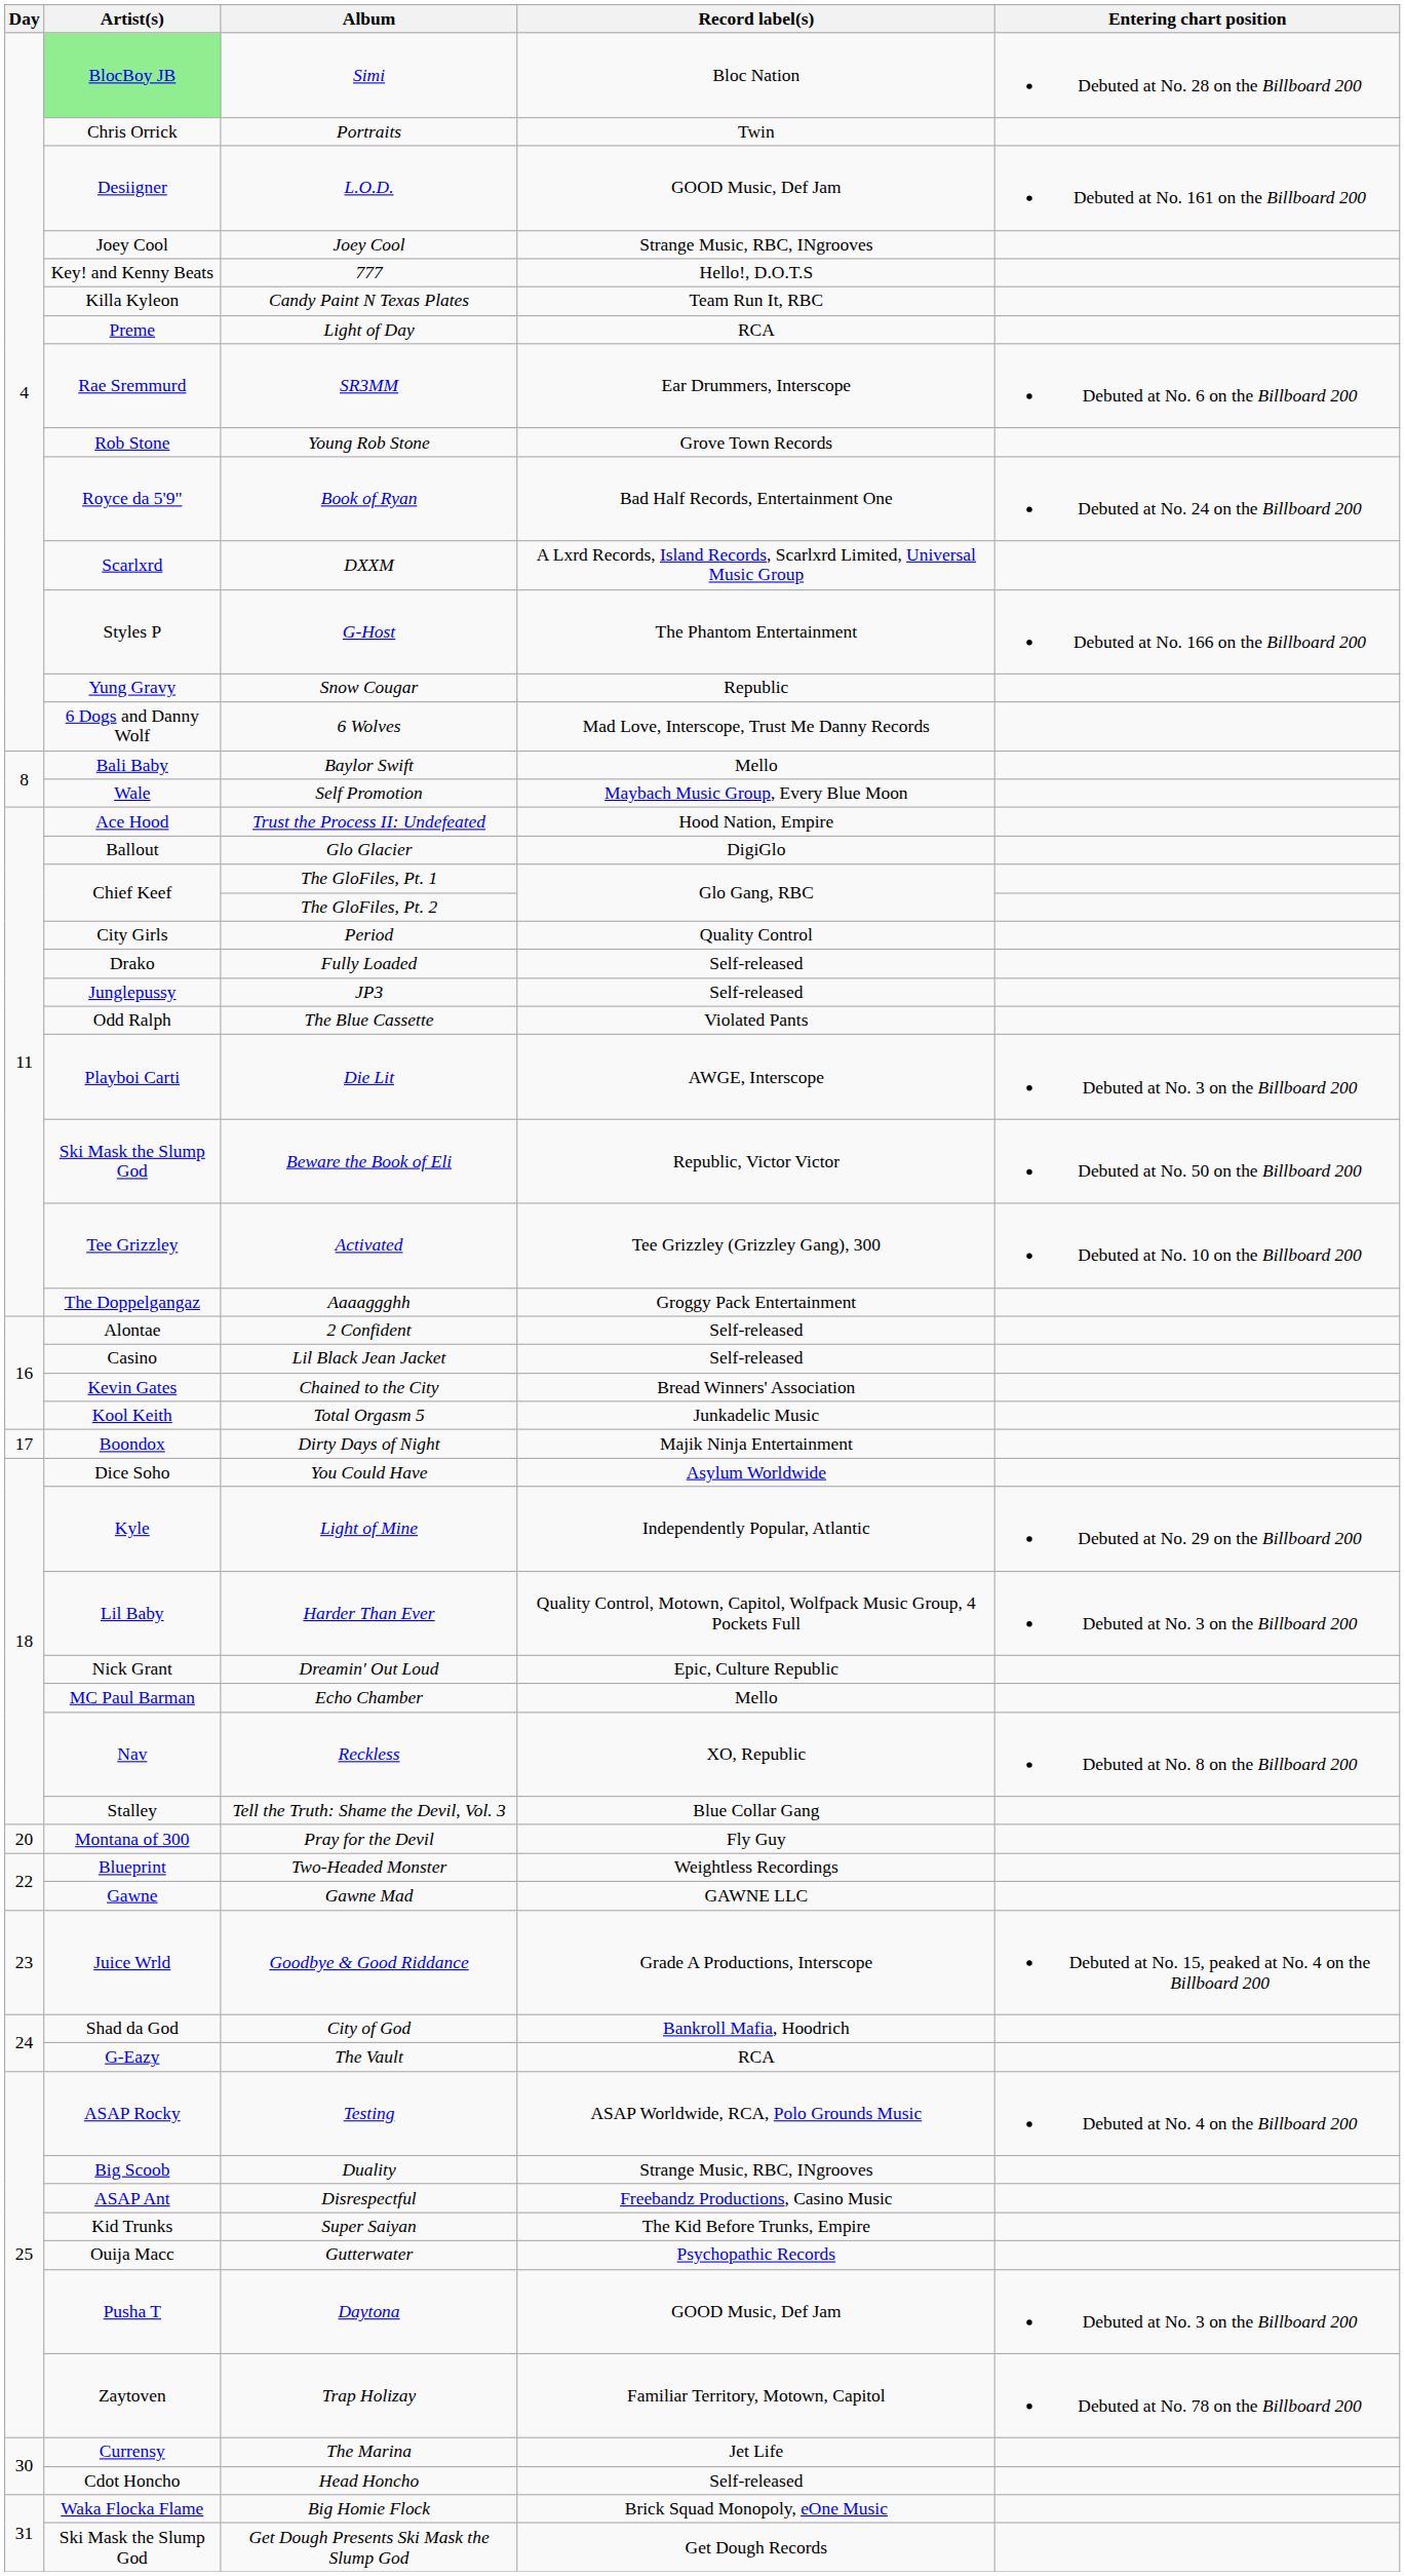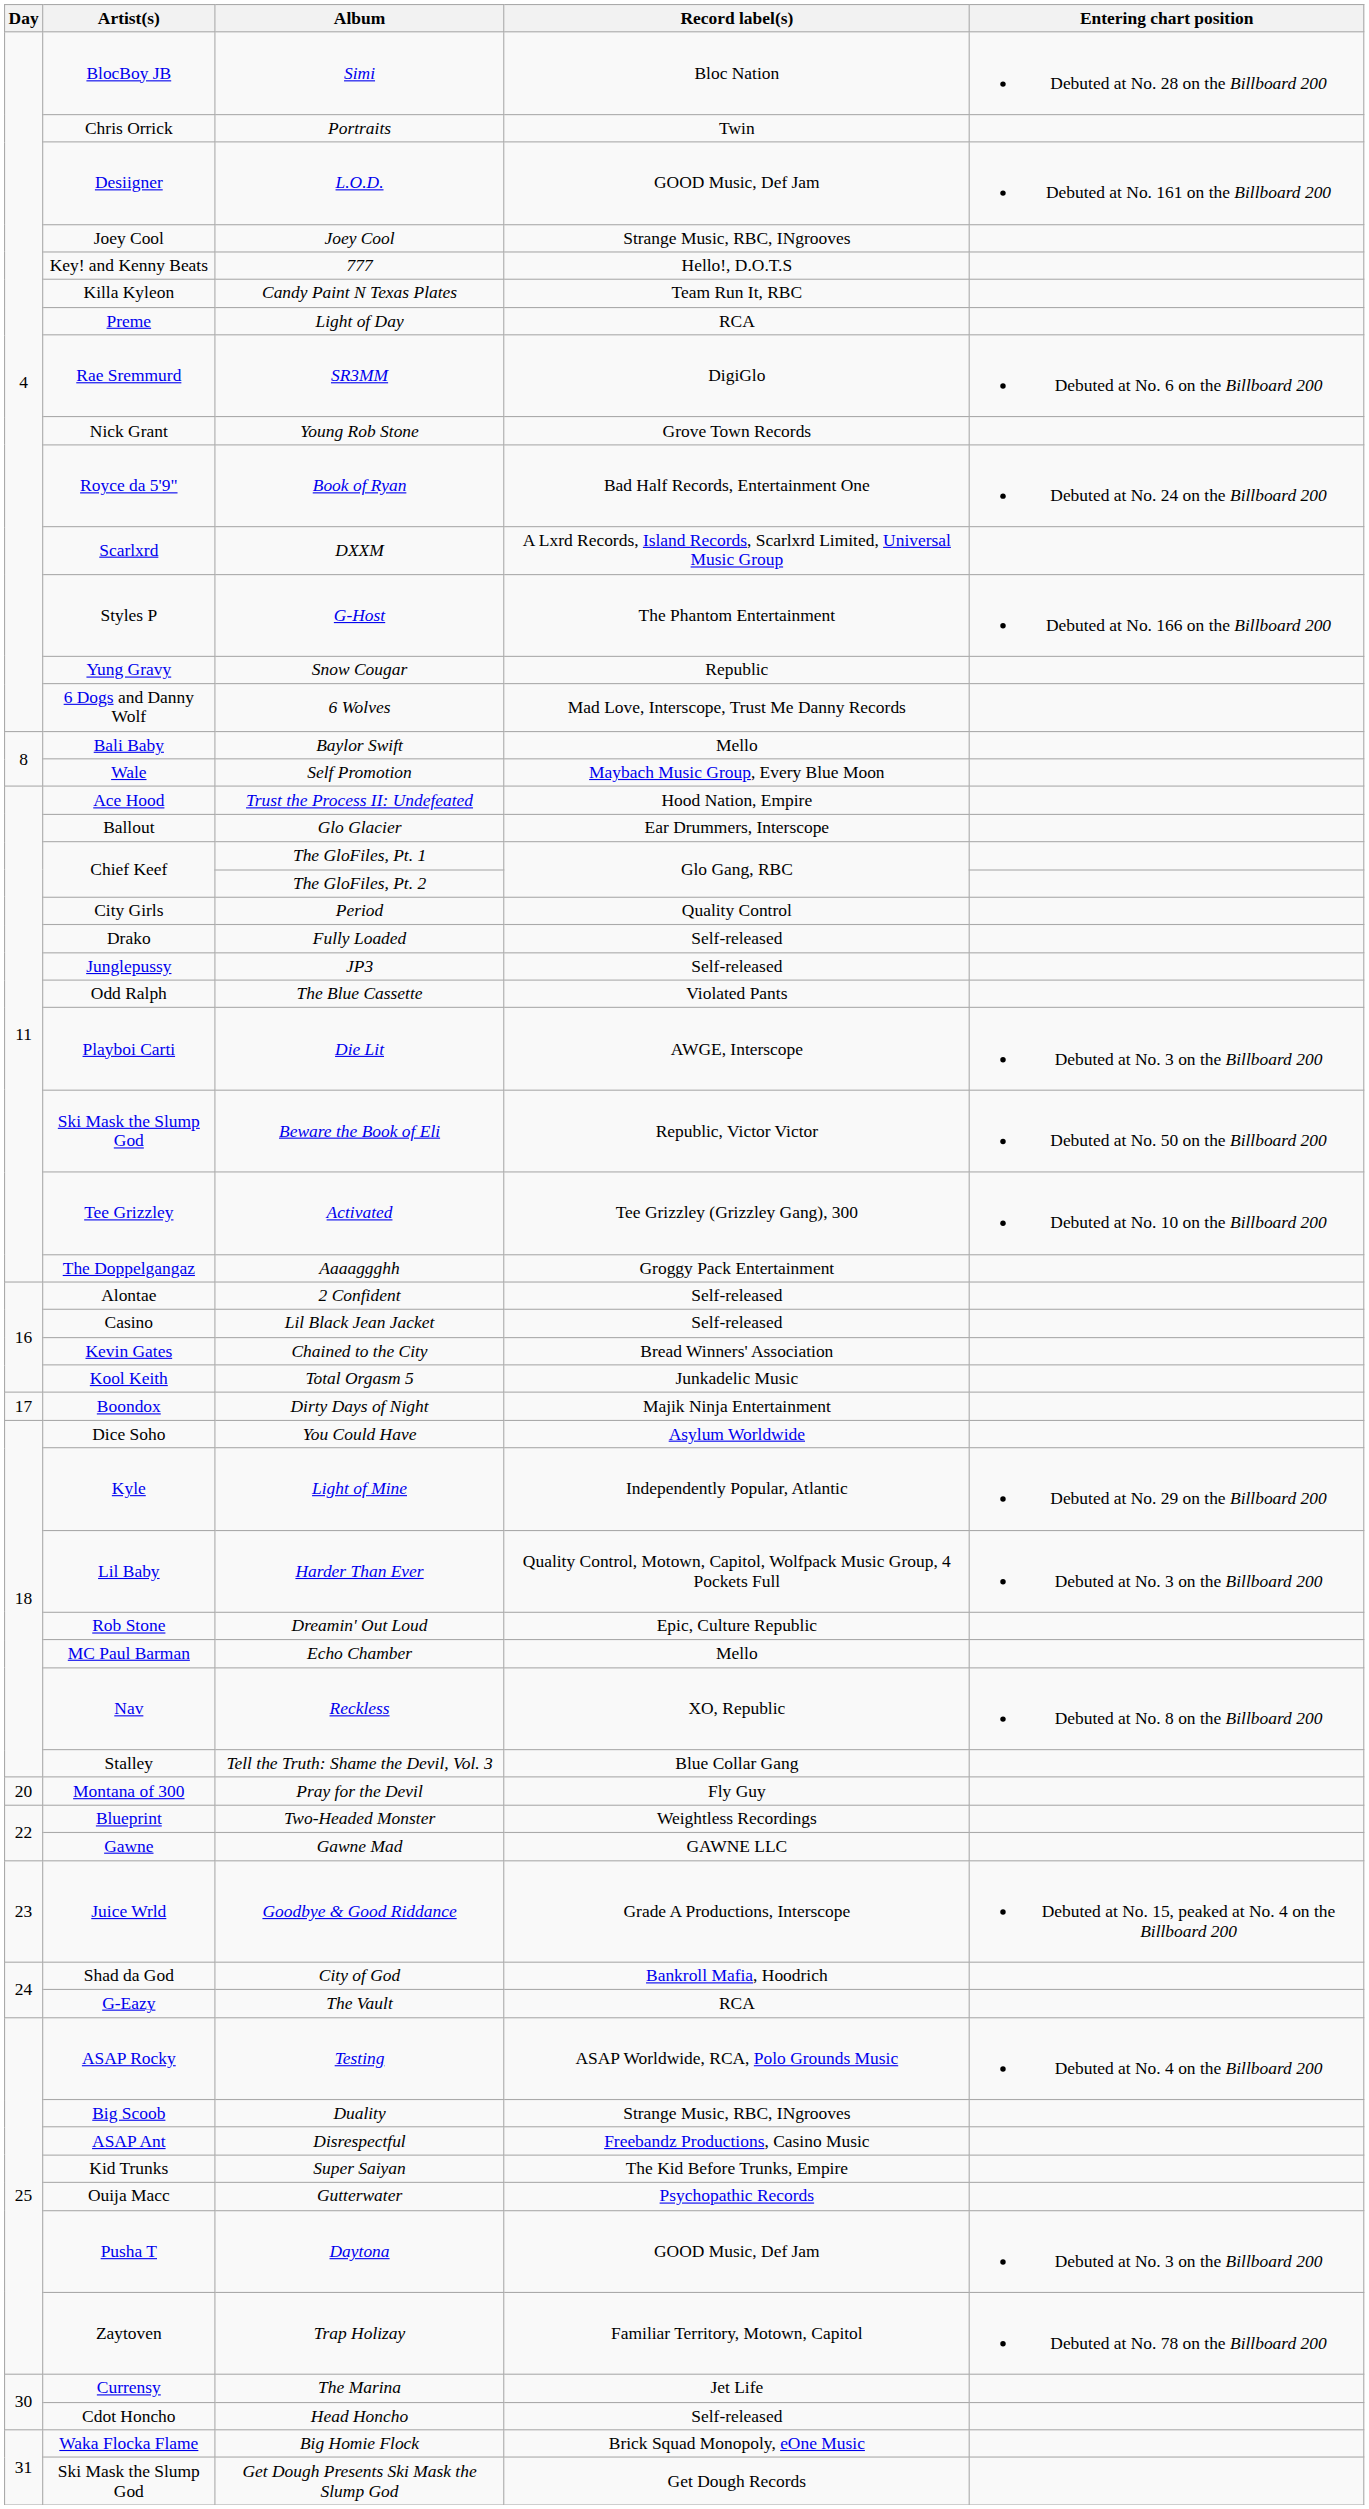 <table class="wikitable" style="text-align:center;">
 <tr>
 <th scope="col">Day</th>
 <th scope="col">Artist(s)</th>
 <th scope="col">Album</th>
 <th scope="col">Record label(s)</th>
 <th scope="col">Entering chart position</th>
 </tr>
 <tr>
 <td rowspan="14">4</td>
-<td style="background: lightgreen;"><a href='#'>BlocBoy JB</a></td>
+<td><a href='#'>BlocBoy JB</a></td>
 <td><em><a href='#'>Simi</a></em></td>
 <td>Bloc Nation</td>
 <td><br><ul><li>Debuted at No. 28 on the <em>Billboard 200</em></li></ul></td>
 </tr>
 <tr>
 <td>Chris Orrick</td>
 <td><em>Portraits</em></td>
 <td>Twin</td>
 <td></td>
 </tr>
 <tr>
 <td><a href='#'>Desiigner</a></td>
 <td><em><a href='#'>L.O.D.</a></em></td>
 <td>GOOD Music, Def Jam</td>
 <td><br><ul><li>Debuted at No. 161 on the <em>Billboard 200</em></li></ul></td>
 </tr>
 <tr>
 <td>Joey Cool</td>
 <td><em>Joey Cool</em></td>
 <td>Strange Music, RBC, INgrooves</td>
 <td></td>
 </tr>
 <tr>
 <td>Key! and Kenny Beats</td>
 <td><em>777</em></td>
 <td>Hello!, D.O.T.S</td>
 <td></td>
 </tr>
 <tr>
 <td>Killa Kyleon</td>
 <td><em>Candy Paint N Texas Plates</em></td>
 <td>Team Run It, RBC</td>
 <td></td>
 </tr>
 <tr>
 <td><a href='#'>Preme</a></td>
 <td><em>Light of Day</em></td>
 <td>RCA</td>
 <td></td>
 </tr>
 <tr>
 <td><a href='#'>Rae Sremmurd</a></td>
 <td><em><a href='#'>SR3MM</a></em></td>
-<td>Ear Drummers, Interscope</td>
+<td>DigiGlo</td>
 <td><br><ul><li>Debuted at No. 6 on the <em>Billboard 200</em></li></ul></td>
 </tr>
 <tr>
-<td><a href='#'>Rob Stone</a></td>
+<td>Nick Grant</td>
 <td><em>Young Rob Stone</em></td>
 <td>Grove Town Records</td>
 <td></td>
 </tr>
 <tr>
 <td><a href='#'>Royce da 5'9"</a></td>
 <td><em><a href='#'>Book of Ryan</a></em></td>
 <td>Bad Half Records, Entertainment One</td>
 <td><br><ul><li>Debuted at No. 24 on the <em>Billboard 200</em></li></ul></td>
 </tr>
 <tr>
 <td><a href='#'>Scarlxrd</a></td>
 <td><em>DXXM</em></td>
 <td>A Lxrd Records, <a href='#'>Island Records</a>, Scarlxrd Limited, <a href='#'>Universal Music Group</a></td>
 <td></td>
 </tr>
 <tr>
 <td>Styles P</td>
 <td><em><a href='#'>G-Host</a></em></td>
 <td>The Phantom Entertainment</td>
 <td><br><ul><li>Debuted at No. 166 on the <em>Billboard 200</em></li></ul></td>
 </tr>
 <tr>
 <td><a href='#'>Yung Gravy</a></td>
 <td><em>Snow Cougar</em></td>
 <td>Republic</td>
 <td></td>
 </tr>
 <tr>
 <td><a href='#'>6 Dogs</a> and Danny Wolf</td>
 <td><em>6 Wolves</em></td>
 <td>Mad Love, Interscope, Trust Me Danny Records</td>
 <td></td>
 </tr>
 <tr>
 <td rowspan="2">8</td>
 <td><a href='#'>Bali Baby</a></td>
 <td><em>Baylor Swift</em></td>
 <td>Mello</td>
 <td></td>
 </tr>
 <tr>
 <td><a href='#'>Wale</a></td>
 <td><em>Self Promotion</em></td>
 <td><a href='#'>Maybach Music Group</a>, Every Blue Moon</td>
 <td></td>
 </tr>
 <tr>
 <td rowspan="12">11</td>
 <td><a href='#'>Ace Hood</a></td>
 <td><em><a href='#'>Trust the Process II: Undefeated</a></em></td>
 <td>Hood Nation, Empire</td>
 <td></td>
 </tr>
 <tr>
 <td>Ballout</td>
 <td><em>Glo Glacier</em></td>
-<td>DigiGlo</td>
+<td>Ear Drummers, Interscope</td>
 <td></td>
 </tr>
 <tr>
 <td rowspan="2">Chief Keef</td>
 <td><em>The GloFiles, Pt. 1</em></td>
 <td rowspan="2">Glo Gang, RBC</td>
 <td></td>
 </tr>
 <tr>
 <td><em>The GloFiles, Pt. 2</em></td>
 <td></td>
 </tr>
 <tr>
 <td>City Girls</td>
 <td><em>Period</em></td>
 <td>Quality Control</td>
 <td></td>
 </tr>
 <tr>
 <td>Drako</td>
 <td><em>Fully Loaded</em></td>
 <td>Self-released</td>
 <td></td>
 </tr>
 <tr>
 <td><a href='#'>Junglepussy</a></td>
 <td><em>JP3</em></td>
 <td>Self-released</td>
 <td></td>
 </tr>
 <tr>
 <td>Odd Ralph</td>
 <td><em>The Blue Cassette</em></td>
 <td>Violated Pants</td>
 <td></td>
 </tr>
 <tr>
 <td><a href='#'>Playboi Carti</a></td>
 <td><em><a href='#'>Die Lit</a></em></td>
 <td>AWGE, Interscope</td>
 <td><br><ul><li>Debuted at No. 3 on the <em>Billboard 200</em></li></ul></td>
 </tr>
 <tr>
 <td><a href='#'>Ski Mask the Slump God</a></td>
 <td><em><a href='#'>Beware the Book of Eli</a></em></td>
 <td>Republic, Victor Victor</td>
 <td><br><ul><li>Debuted at No. 50 on the <em>Billboard 200</em></li></ul></td>
 </tr>
 <tr>
 <td><a href='#'>Tee Grizzley</a></td>
 <td><em><a href='#'>Activated</a></em></td>
 <td>Tee Grizzley (Grizzley Gang), 300</td>
 <td><br><ul><li>Debuted at No. 10 on the <em>Billboard 200</em></li></ul></td>
 </tr>
 <tr>
 <td><a href='#'>The Doppelgangaz</a></td>
 <td><em>Aaaaggghh</em></td>
 <td>Groggy Pack Entertainment</td>
 <td></td>
 </tr>
 <tr>
 <td rowspan="4">16</td>
 <td>Alontae</td>
 <td><em>2 Confident</em></td>
 <td>Self-released</td>
 <td></td>
 </tr>
 <tr>
 <td>Casino</td>
 <td><em>Lil Black Jean Jacket</em></td>
 <td>Self-released</td>
 <td></td>
 </tr>
 <tr>
 <td><a href='#'>Kevin Gates</a></td>
 <td><em>Chained to the City</em></td>
 <td>Bread Winners' Association</td>
 <td></td>
 </tr>
 <tr>
 <td><a href='#'>Kool Keith</a></td>
 <td><em>Total Orgasm 5</em></td>
 <td>Junkadelic Music</td>
 <td></td>
 </tr>
 <tr>
 <td>17</td>
 <td><a href='#'>Boondox</a></td>
 <td><em>Dirty Days of Night</em></td>
 <td>Majik Ninja Entertainment</td>
 <td></td>
 </tr>
 <tr>
 <td rowspan="7">18</td>
 <td>Dice Soho</td>
 <td><em>You Could Have</em></td>
 <td><a href='#'>Asylum Worldwide</a></td>
 <td></td>
 </tr>
 <tr>
 <td><a href='#'>Kyle</a></td>
 <td><em><a href='#'>Light of Mine</a></em></td>
 <td>Independently Popular, Atlantic</td>
 <td><br><ul><li>Debuted at No. 29 on the <em>Billboard 200</em></li></ul></td>
 </tr>
 <tr>
 <td><a href='#'>Lil Baby</a></td>
 <td><em><a href='#'>Harder Than Ever</a></em></td>
 <td>Quality Control, Motown, Capitol, Wolfpack Music Group, 4 Pockets Full</td>
 <td><br><ul><li>Debuted at No. 3 on the <em>Billboard 200</em></li></ul></td>
 </tr>
 <tr>
-<td>Nick Grant</td>
+<td><a href='#'>Rob Stone</a></td>
 <td><em>Dreamin' Out Loud</em></td>
 <td>Epic, Culture Republic</td>
 <td></td>
 </tr>
 <tr>
 <td><a href='#'>MC Paul Barman</a></td>
 <td><em>Echo Chamber</em></td>
 <td>Mello</td>
 <td></td>
 </tr>
 <tr>
 <td><a href='#'>Nav</a></td>
 <td><em><a href='#'>Reckless</a></em></td>
 <td>XO, Republic</td>
 <td><br><ul><li>Debuted at No. 8 on the <em>Billboard 200</em></li></ul></td>
 </tr>
 <tr>
 <td>Stalley</td>
 <td><em>Tell the Truth: Shame the Devil, Vol. 3</em></td>
 <td>Blue Collar Gang</td>
 <td></td>
 </tr>
 <tr>
 <td>20</td>
 <td><a href='#'>Montana of 300</a></td>
 <td><em>Pray for the Devil</em></td>
 <td>Fly Guy</td>
 <td></td>
 </tr>
 <tr>
 <td rowspan="2">22</td>
 <td><a href='#'>Blueprint</a></td>
 <td><em>Two-Headed Monster</em></td>
 <td>Weightless Recordings</td>
 <td></td>
 </tr>
 <tr>
 <td><a href='#'>Gawne</a></td>
 <td><em>Gawne Mad</em></td>
 <td>GAWNE LLC</td>
 <td></td>
 </tr>
 <tr>
 <td>23</td>
 <td><a href='#'>Juice Wrld</a></td>
 <td><em><a href='#'>Goodbye & Good Riddance</a></em></td>
 <td>Grade A Productions, Interscope</td>
 <td><br><ul><li>Debuted at No. 15, peaked at No. 4 on the <em>Billboard 200</em></li></ul></td>
 </tr>
 <tr>
 <td rowspan="2">24</td>
 <td>Shad da God</td>
 <td><em>City of God</em></td>
 <td><a href='#'>Bankroll Mafia</a>, Hoodrich</td>
 <td></td>
 </tr>
 <tr>
 <td><a href='#'>G-Eazy</a></td>
 <td><em>The Vault</em></td>
 <td>RCA</td>
 <td></td>
 </tr>
 <tr>
 <td rowspan="7">25</td>
 <td><a href='#'>ASAP Rocky</a></td>
 <td><em><a href='#'>Testing</a></em></td>
 <td>ASAP Worldwide, RCA, <a href='#'>Polo Grounds Music</a></td>
 <td><br><ul><li>Debuted at No. 4 on the <em>Billboard 200</em></li></ul></td>
 </tr>
 <tr>
 <td><a href='#'>Big Scoob</a></td>
 <td><em>Duality</em></td>
 <td>Strange Music, RBC, INgrooves</td>
 <td></td>
 </tr>
 <tr>
 <td><a href='#'>ASAP Ant</a></td>
 <td><em>Disrespectful</em></td>
 <td><a href='#'>Freebandz Productions</a>, Casino Music</td>
 <td></td>
 </tr>
 <tr>
 <td>Kid Trunks</td>
 <td><em>Super Saiyan</em></td>
 <td>The Kid Before Trunks, Empire</td>
 <td></td>
 </tr>
 <tr>
 <td>Ouija Macc</td>
 <td><em>Gutterwater</em></td>
 <td><a href='#'>Psychopathic Records</a></td>
 <td></td>
 </tr>
 <tr>
 <td><a href='#'>Pusha T</a></td>
 <td><em><a href='#'>Daytona</a></em></td>
 <td>GOOD Music, Def Jam</td>
 <td><br><ul><li>Debuted at No. 3 on the <em>Billboard 200</em></li></ul></td>
 </tr>
 <tr>
 <td>Zaytoven</td>
 <td><em>Trap Holizay</em></td>
 <td>Familiar Territory, Motown, Capitol</td>
 <td><br><ul><li>Debuted at No. 78 on the <em>Billboard 200</em></li></ul></td>
 </tr>
 <tr>
 <td rowspan="2">30</td>
 <td><a href='#'>Currensy</a></td>
 <td><em>The Marina</em></td>
 <td>Jet Life</td>
 <td></td>
 </tr>
 <tr>
 <td>Cdot Honcho</td>
 <td><em>Head Honcho</em></td>
 <td>Self-released</td>
 <td></td>
 </tr>
 <tr>
 <td rowspan="2">31</td>
 <td><a href='#'>Waka Flocka Flame</a></td>
 <td><em>Big Homie Flock</em></td>
 <td>Brick Squad Monopoly, <a href='#'>eOne Music</a></td>
 <td></td>
 </tr>
 <tr>
 <td>Ski Mask the Slump God</td>
 <td><em>Get Dough Presents Ski Mask the Slump God</em></td>
 <td>Get Dough Records</td>
 <td></td>
 </tr>
 </table>
